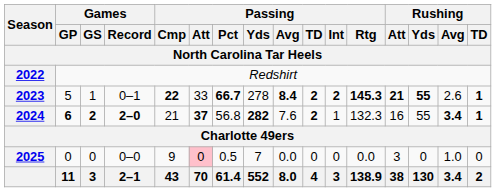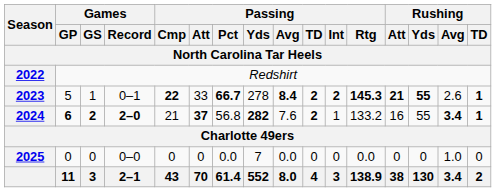 <table class="wikitable" style="text-align:center;">
 <tr>
 <th rowspan="2">Season</th>
 <th colspan="3">Games</th>
 <th colspan="8">Passing</th>
 <th colspan="5">Rushing</th>
 </tr>
 <tr>
 <th>GP</th>
 <th>GS</th>
 <th>Record</th>
 <th>Cmp</th>
 <th>Att</th>
 <th>Pct</th>
 <th>Yds</th>
 <th>Avg</th>
 <th>TD</th>
 <th>Int</th>
 <th>Rtg</th>
 <th>Att</th>
 <th>Yds</th>
 <th>Avg</th>
 <th>TD</th>
 </tr>
 <tr>
 <th colspan="16">North Carolina Tar Heels</th>
 </tr>
 <tr>
 <th><a href='#'>2022</a></th>
 <td colspan="16"><em>Redshirt </em></td>
 </tr>
 <tr>
 <th><a href='#'>2023</a></th>
 <td>5</td>
 <td>1</td>
 <td>0–1</td>
 <td><strong>22</strong></td>
 <td>33</td>
 <td><strong>66.7</strong></td>
 <td>278</td>
 <td><strong>8.4</strong></td>
 <td><strong>2</strong></td>
 <td><strong>2</strong></td>
 <td><strong>145.3</strong></td>
 <td><strong>21</strong></td>
 <td><strong>55</strong></td>
 <td>2.6</td>
 <td><strong>1</strong></td>
 </tr>
 <tr>
 <th><a href='#'>2024</a></th>
 <td><strong>6</strong></td>
 <td><strong>2</strong></td>
 <td><strong>2–0</strong></td>
 <td>21</td>
 <td><strong>37</strong></td>
 <td>56.8</td>
 <td><strong>282</strong></td>
 <td>7.6</td>
 <td><strong>2</strong></td>
 <td>1</td>
-<td>132.3</td>
+<td>133.2</td>
 <td>16</td>
 <td>55</td>
 <td><strong>3.4</strong></td>
 <td><strong>1</strong></td>
 </tr>
 <tr>
 <th colspan="16">Charlotte 49ers</th>
 </tr>
 <tr>
 <th><a href='#'>2025</a></th>
 <td>0</td>
 <td>0</td>
 <td>0–0</td>
-<td>9</td>
-<td style="background: pink;">0</td>
-<td>0.5</td>
+<td>0</td>
+<td>0</td>
+<td>0.0</td>
 <td>7</td>
 <td>0.0</td>
 <td>0</td>
 <td>0</td>
 <td>0.0</td>
-<td>3</td>
+<td>0</td>
 <td>0</td>
 <td>1.0</td>
 <td>0</td>
 </tr>
 <tr>
 <th></th>
 <th>11</th>
 <th>3</th>
 <th>2–1</th>
 <th>43</th>
 <th>70</th>
 <th>61.4</th>
 <th>552</th>
 <th>8.0</th>
 <th>4</th>
 <th>3</th>
 <th>138.9</th>
 <th>38</th>
 <th>130</th>
 <th>3.4</th>
 <th>2</th>
 </tr>
 </table>
